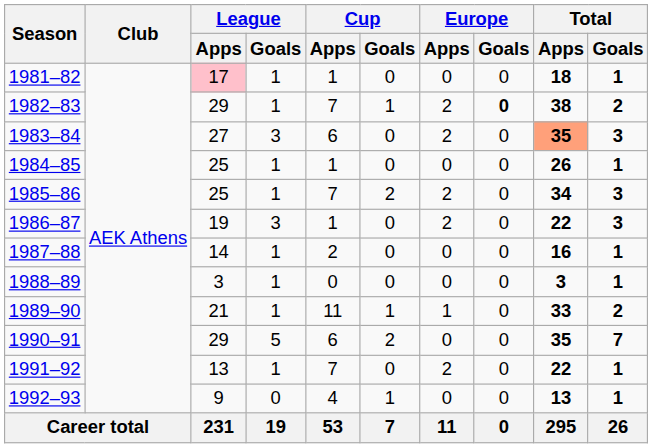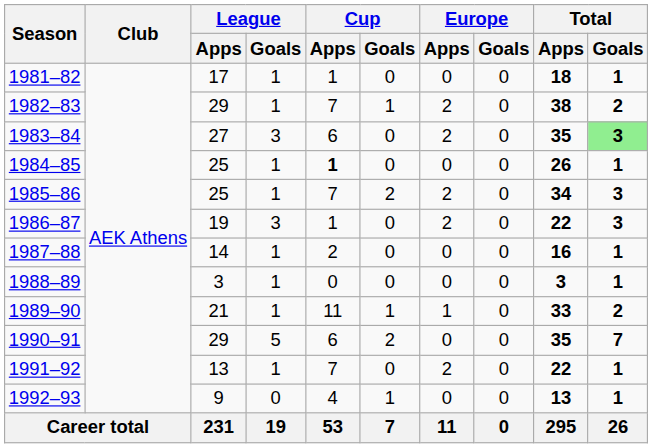 <table class="wikitable" style="text-align:center">
 <tr>
 <th rowspan=2>Season</th>
 <th rowspan=2>Club</th>
 <th colspan=2><a href='#'>League</a></th>
 <th colspan=2><a href='#'>Cup</a></th>
 <th colspan=2><a href='#'>Europe</a></th>
 <th colspan=2>Total</th>
 </tr>
 <tr>
 <th>Apps</th>
 <th>Goals</th>
 <th>Apps</th>
 <th>Goals</th>
 <th>Apps</th>
 <th>Goals</th>
 <th>Apps</th>
 <th>Goals</th>
 </tr>
 <tr>
 <td><a href='#'>1981–82</a></td>
 <td rowspan="12"><a href='#'>AEK Athens</a></td>
-<td style="background: pink;">17</td>
+<td>17</td>
 <td>1</td>
 <td>1</td>
 <td>0</td>
 <td>0</td>
 <td>0</td>
 <td><strong>18</strong></td>
 <td><strong>1</strong></td>
 </tr>
 <tr>
 <td><a href='#'>1982–83</a></td>
 <td>29</td>
 <td>1</td>
 <td>7</td>
 <td>1</td>
 <td>2</td>
-<td><strong>0</strong></td>
+<td>0</td>
 <td><strong>38</strong></td>
 <td><strong>2</strong></td>
 </tr>
 <tr>
 <td><a href='#'>1983–84</a></td>
 <td>27</td>
 <td>3</td>
 <td>6</td>
 <td>0</td>
 <td>2</td>
 <td>0</td>
-<td style="background: lightsalmon;"><strong>35</strong></td>
-<td><strong>3</strong></td>
+<td><strong>35</strong></td>
+<td style="background: lightgreen;"><strong>3</strong></td>
 </tr>
 <tr>
 <td><a href='#'>1984–85</a></td>
 <td>25</td>
 <td>1</td>
-<td>1</td>
+<td><strong>1</strong></td>
 <td>0</td>
 <td>0</td>
 <td>0</td>
 <td><strong>26</strong></td>
 <td><strong>1</strong></td>
 </tr>
 <tr>
 <td><a href='#'>1985–86</a></td>
 <td>25</td>
 <td>1</td>
 <td>7</td>
 <td>2</td>
 <td>2</td>
 <td>0</td>
 <td><strong>34</strong></td>
 <td><strong>3</strong></td>
 </tr>
 <tr>
 <td><a href='#'>1986–87</a></td>
 <td>19</td>
 <td>3</td>
 <td>1</td>
 <td>0</td>
 <td>2</td>
 <td>0</td>
 <td><strong>22</strong></td>
 <td><strong>3</strong></td>
 </tr>
 <tr>
 <td><a href='#'>1987–88</a></td>
 <td>14</td>
 <td>1</td>
 <td>2</td>
 <td>0</td>
 <td>0</td>
 <td>0</td>
 <td><strong>16</strong></td>
 <td><strong>1</strong></td>
 </tr>
 <tr>
 <td><a href='#'>1988–89</a></td>
 <td>3</td>
 <td>1</td>
 <td>0</td>
 <td>0</td>
 <td>0</td>
 <td>0</td>
 <td><strong>3</strong></td>
 <td><strong>1</strong></td>
 </tr>
 <tr>
 <td><a href='#'>1989–90</a></td>
 <td>21</td>
 <td>1</td>
 <td>11</td>
 <td>1</td>
 <td>1</td>
 <td>0</td>
 <td><strong>33</strong></td>
 <td><strong>2</strong></td>
 </tr>
 <tr>
 <td><a href='#'>1990–91</a></td>
 <td>29</td>
 <td>5</td>
 <td>6</td>
 <td>2</td>
 <td>0</td>
 <td>0</td>
 <td><strong>35</strong></td>
 <td><strong>7</strong></td>
 </tr>
 <tr>
 <td><a href='#'>1991–92</a></td>
 <td>13</td>
 <td>1</td>
 <td>7</td>
 <td>0</td>
 <td>2</td>
 <td>0</td>
 <td><strong>22</strong></td>
 <td><strong>1</strong></td>
 </tr>
 <tr>
 <td><a href='#'>1992–93</a></td>
 <td>9</td>
 <td>0</td>
 <td>4</td>
 <td>1</td>
 <td>0</td>
 <td>0</td>
 <td><strong>13</strong></td>
 <td><strong>1</strong></td>
 </tr>
 <tr>
 <th colspan=2>Career total</th>
 <th>231</th>
 <th>19</th>
 <th>53</th>
 <th>7</th>
 <th>11</th>
 <th>0</th>
 <th>295</th>
 <th>26</th>
 </tr>
 </table>
